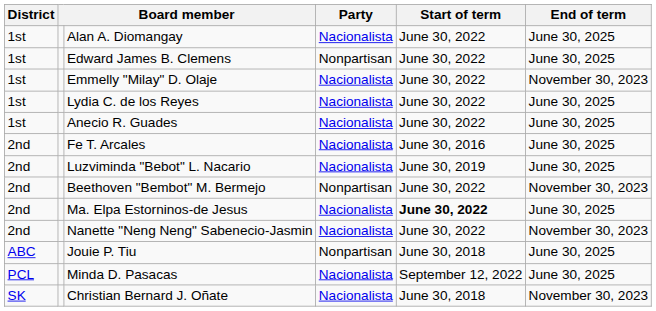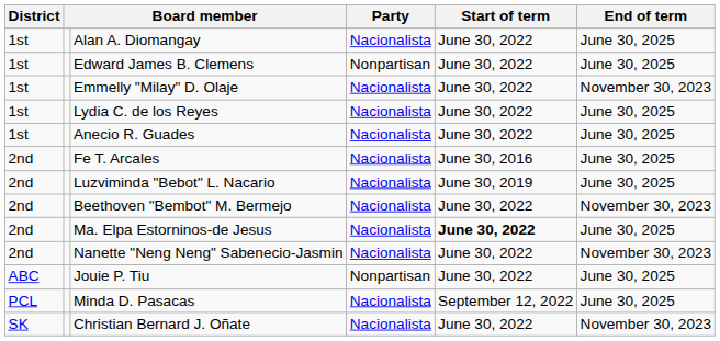 <table class="wikitable">
 <tr>
 <th>District</th>
 <th colspan="2">Board member</th>
 <th>Party</th>
 <th>Start of term</th>
 <th>End of term</th>
 </tr>
 <tr>
 <td>1st</td>
 <td></td>
 <td>Alan A. Diomangay</td>
 <td><a href='#'>Nacionalista</a></td>
 <td>June 30, 2022</td>
 <td>June 30, 2025</td>
 </tr>
 <tr>
 <td>1st</td>
 <td></td>
 <td>Edward James B. Clemens</td>
 <td>Nonpartisan</td>
 <td>June 30, 2022</td>
 <td>June 30, 2025</td>
 </tr>
 <tr>
 <td>1st</td>
 <td></td>
 <td>Emmelly "Milay" D. Olaje</td>
 <td><a href='#'>Nacionalista</a></td>
 <td>June 30, 2022</td>
 <td>November 30, 2023</td>
 </tr>
 <tr>
 <td>1st</td>
 <td></td>
 <td>Lydia C. de los Reyes</td>
 <td><a href='#'>Nacionalista</a></td>
 <td>June 30, 2022</td>
 <td>June 30, 2025</td>
 </tr>
 <tr>
 <td>1st</td>
 <td></td>
 <td>Anecio R. Guades</td>
 <td><a href='#'>Nacionalista</a></td>
 <td>June 30, 2022</td>
 <td>June 30, 2025</td>
 </tr>
 <tr>
 <td>2nd</td>
 <td></td>
 <td>Fe T. Arcales</td>
 <td><a href='#'>Nacionalista</a></td>
 <td>June 30, 2016</td>
 <td>June 30, 2025</td>
 </tr>
 <tr>
 <td>2nd</td>
 <td></td>
 <td>Luzviminda "Bebot" L. Nacario</td>
 <td><a href='#'>Nacionalista</a></td>
 <td>June 30, 2019</td>
 <td>June 30, 2025</td>
 </tr>
 <tr>
 <td>2nd</td>
 <td></td>
 <td>Beethoven "Bembot" M. Bermejo</td>
-<td>Nonpartisan</td>
+<td><a href='#'>Nacionalista</a></td>
 <td>June 30, 2022</td>
 <td>November 30, 2023</td>
 </tr>
 <tr>
 <td>2nd</td>
 <td></td>
 <td>Ma. Elpa Estorninos-de Jesus</td>
 <td><a href='#'>Nacionalista</a></td>
 <td><strong>June 30, 2022</strong></td>
 <td>June 30, 2025</td>
 </tr>
 <tr>
 <td>2nd</td>
 <td></td>
 <td>Nanette "Neng Neng" Sabenecio-Jasmin</td>
 <td><a href='#'>Nacionalista</a></td>
 <td>June 30, 2022</td>
 <td>November 30, 2023</td>
 </tr>
 <tr>
 <td><a href='#'>ABC</a></td>
 <td></td>
 <td>Jouie P. Tiu</td>
 <td>Nonpartisan</td>
-<td>June 30, 2018</td>
+<td>June 30, 2022</td>
 <td>June 30, 2025</td>
 </tr>
 <tr>
 <td><a href='#'>PCL</a></td>
 <td></td>
 <td>Minda D. Pasacas</td>
 <td><a href='#'>Nacionalista</a></td>
 <td>September 12, 2022</td>
 <td>June 30, 2025</td>
 </tr>
 <tr>
 <td><a href='#'>SK</a></td>
 <td></td>
 <td>Christian Bernard J. Oñate</td>
 <td><a href='#'>Nacionalista</a></td>
-<td>June 30, 2018</td>
+<td>June 30, 2022</td>
 <td>November 30, 2023</td>
 </tr>
 </table>
